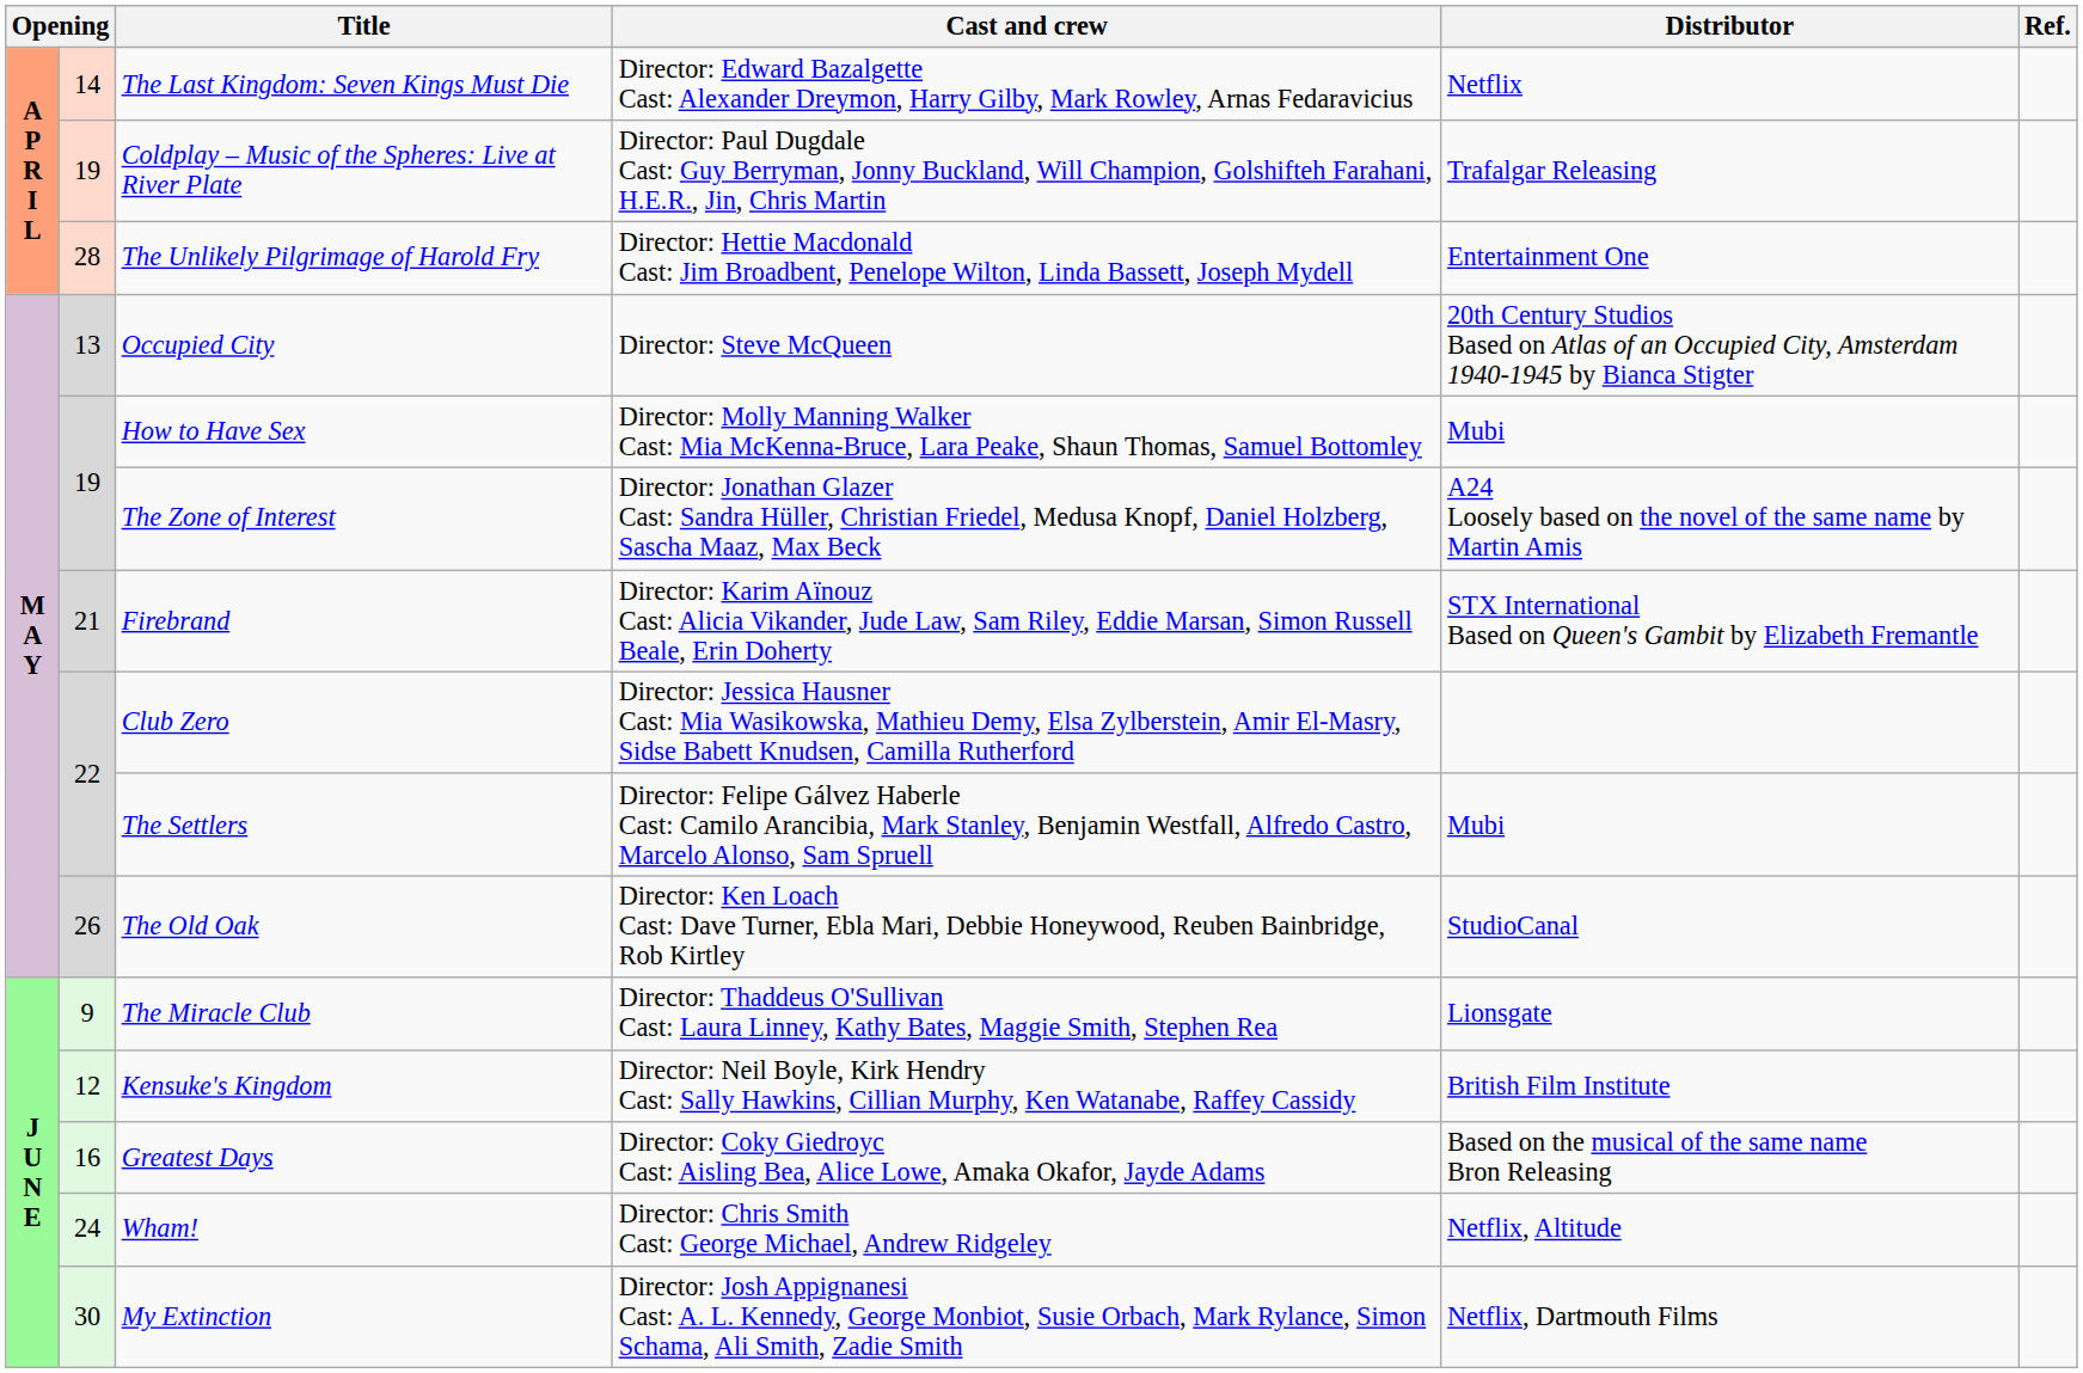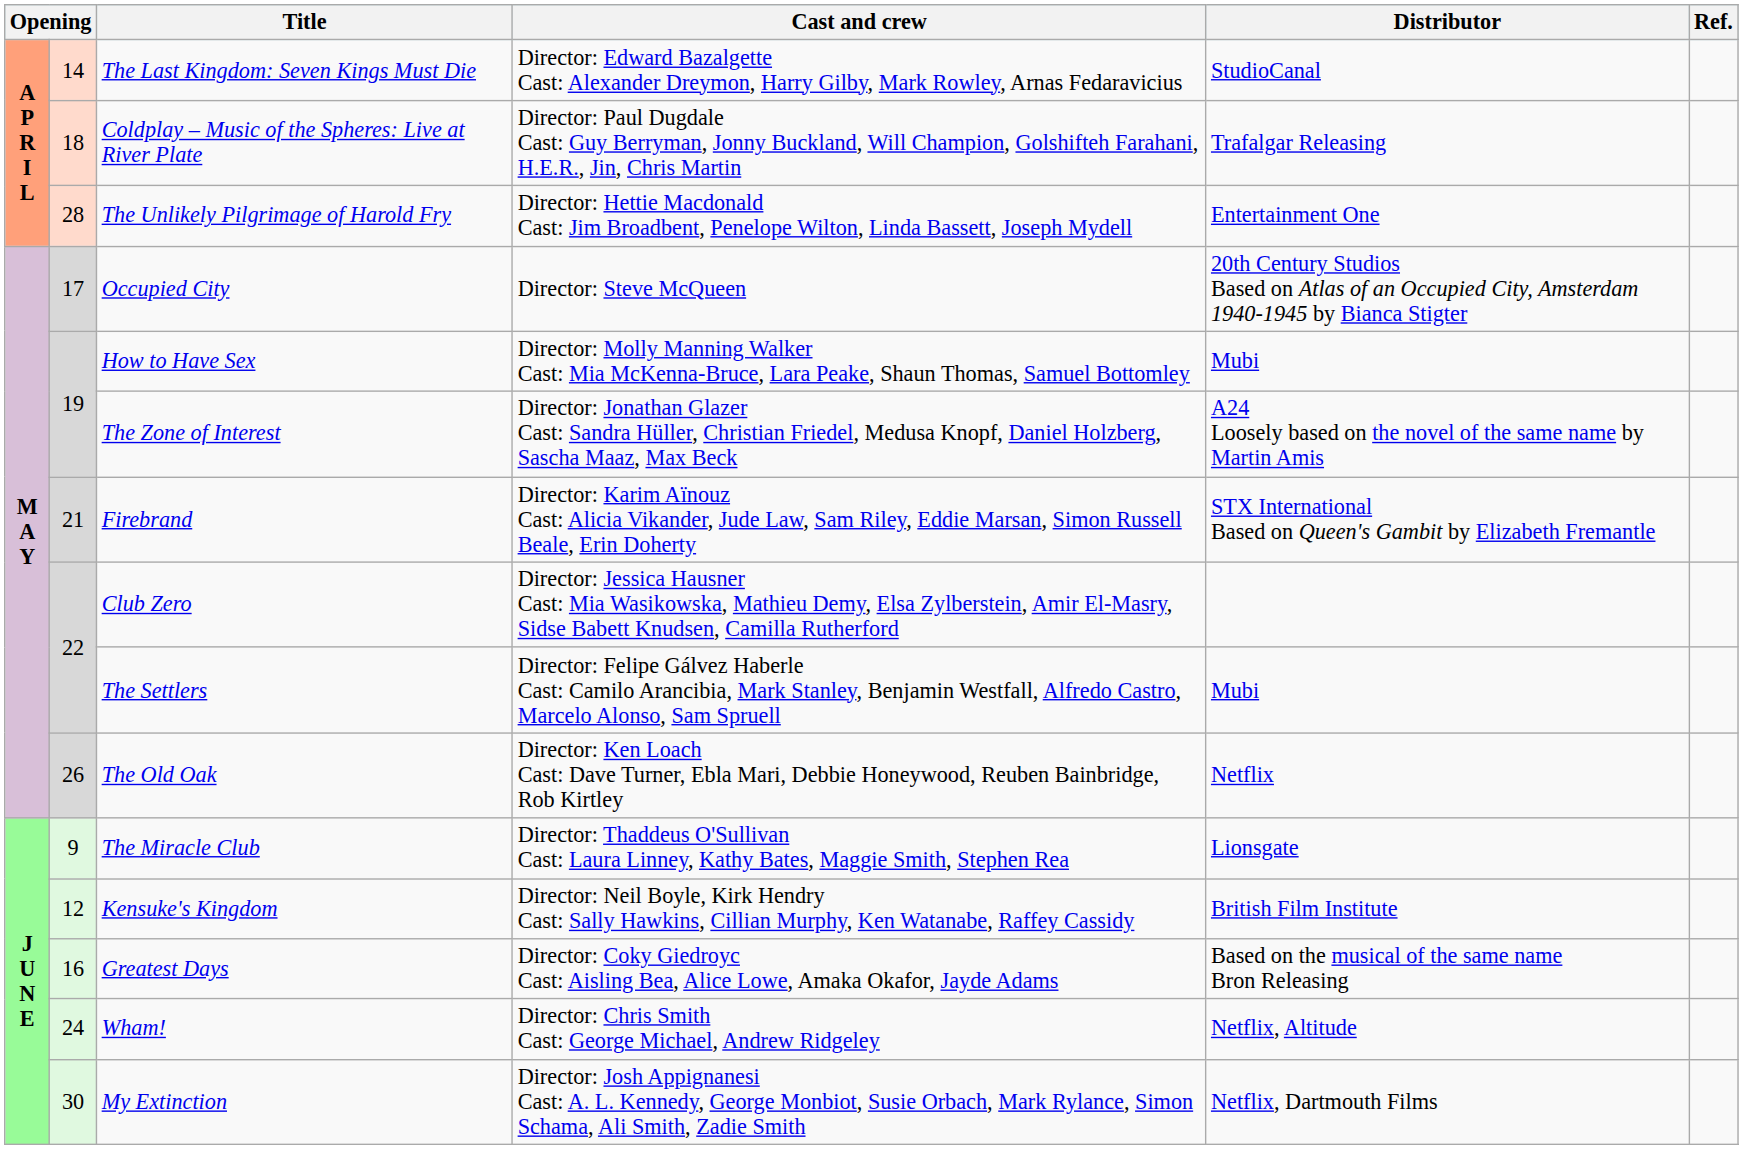 <table class="wikitable">
 <tr style="background:#b0e0e6; text-align:center;">
 <th colspan="2">Opening</th>
 <th style="width:24%;">Title</th>
 <th style="width:40%;">Cast and crew</th>
 <th>Distributor</th>
 <th style="width:2%;">Ref.</th>
 </tr>
 <tr>
 <th rowspan="3" style="text-align:center; background:#ffa07a; textcolor:#000;">A<br>P<br>R<br>I<br>L</th>
 <td rowspan="1" style="text-align:center; background:#ffdacc;">14</td>
 <td><em><a href='#'>The Last Kingdom: Seven Kings Must Die</a></em></td>
 <td>Director: <a href='#'>Edward Bazalgette</a> <br> Cast: <a href='#'>Alexander Dreymon</a>, <a href='#'>Harry Gilby</a>, <a href='#'>Mark Rowley</a>, Arnas Fedaravicius</td>
-<td><a href='#'>Netflix</a></td>
+<td><a href='#'>StudioCanal</a></td>
 <td></td>
 </tr>
 <tr>
-<td rowspan="1" style="text-align:center; background:#ffdacc;">19</td>
+<td rowspan="1" style="text-align:center; background:#ffdacc;">18</td>
 <td><em><a href='#'>Coldplay – Music of the Spheres: Live at River Plate</a></em></td>
 <td>Director: Paul Dugdale <br> Cast: <a href='#'>Guy Berryman</a>, <a href='#'>Jonny Buckland</a>, <a href='#'>Will Champion</a>, <a href='#'>Golshifteh Farahani</a>, <a href='#'>H.E.R.</a>, <a href='#'>Jin</a>, <a href='#'>Chris Martin</a></td>
 <td><a href='#'>Trafalgar Releasing</a></td>
 <td></td>
 </tr>
 <tr>
 <td rowspan="1" style="text-align:center; background:#ffdacc;">28</td>
 <td><em><a href='#'>The Unlikely Pilgrimage of Harold Fry</a></em></td>
 <td>Director: <a href='#'>Hettie Macdonald</a> <br> Cast: <a href='#'>Jim Broadbent</a>, <a href='#'>Penelope Wilton</a>, <a href='#'>Linda Bassett</a>, <a href='#'>Joseph Mydell</a></td>
 <td><a href='#'>Entertainment One</a></td>
 <td></td>
 </tr>
 <tr>
 <th rowspan="7" style="text-align:center; background:thistle; textcolor:#000;">M<br>A<br>Y</th>
-<td rowspan="1" style="text-align:center; background:#d8d8d8;">13</td>
+<td rowspan="1" style="text-align:center; background:#d8d8d8;">17</td>
 <td><em><a href='#'>Occupied City</a></em></td>
 <td>Director: <a href='#'>Steve McQueen</a></td>
 <td><a href='#'>20th Century Studios</a> <br> Based on <em>Atlas of an Occupied City, Amsterdam 1940-1945</em> by <a href='#'>Bianca Stigter</a></td>
 <td></td>
 </tr>
 <tr>
 <td rowspan="2" style="text-align:center; background:#d8d8d8;">19</td>
 <td><em><a href='#'>How to Have Sex</a></em></td>
 <td>Director: <a href='#'>Molly Manning Walker</a> <br> Cast: <a href='#'>Mia McKenna-Bruce</a>, <a href='#'>Lara Peake</a>, Shaun Thomas, <a href='#'>Samuel Bottomley</a></td>
 <td><a href='#'>Mubi</a></td>
 <td></td>
 </tr>
 <tr>
 <td><em><a href='#'>The Zone of Interest</a></em></td>
 <td>Director: <a href='#'>Jonathan Glazer</a> <br> Cast: <a href='#'>Sandra Hüller</a>, <a href='#'>Christian Friedel</a>, Medusa Knopf, <a href='#'>Daniel Holzberg</a>, <a href='#'>Sascha Maaz</a>, <a href='#'>Max Beck</a></td>
 <td><a href='#'>A24</a> <br> Loosely based on <a href='#'>the novel of the same name</a> by <a href='#'>Martin Amis</a></td>
 <td></td>
 </tr>
 <tr>
 <td rowspan="1" style="text-align:center; background:#d8d8d8;">21</td>
 <td><em><a href='#'>Firebrand</a></em></td>
 <td>Director: <a href='#'>Karim Aïnouz</a> <br> Cast: <a href='#'>Alicia Vikander</a>, <a href='#'>Jude Law</a>, <a href='#'>Sam Riley</a>, <a href='#'>Eddie Marsan</a>, <a href='#'>Simon Russell Beale</a>, <a href='#'>Erin Doherty</a></td>
 <td><a href='#'>STX International</a> <br> Based on <em>Queen's Gambit</em> by <a href='#'>Elizabeth Fremantle</a></td>
 <td></td>
 </tr>
 <tr>
 <td rowspan="2" style="text-align:center; background:#d8d8d8;">22</td>
 <td><em><a href='#'>Club Zero</a></em></td>
 <td>Director: <a href='#'>Jessica Hausner</a> <br> Cast: <a href='#'>Mia Wasikowska</a>, <a href='#'>Mathieu Demy</a>, <a href='#'>Elsa Zylberstein</a>, <a href='#'>Amir El-Masry</a>, <a href='#'>Sidse Babett Knudsen</a>, <a href='#'>Camilla Rutherford</a></td>
 <td></td>
 <td></td>
 </tr>
 <tr>
 <td><em><a href='#'>The Settlers</a></em></td>
 <td>Director: Felipe Gálvez Haberle <br> Cast: Camilo Arancibia, <a href='#'>Mark Stanley</a>, Benjamin Westfall, <a href='#'>Alfredo Castro</a>, <a href='#'>Marcelo Alonso</a>, <a href='#'>Sam Spruell</a></td>
 <td><a href='#'>Mubi</a></td>
 <td></td>
 </tr>
 <tr>
 <td rowspan="1" style="text-align:center; background:#d8d8d8;">26</td>
 <td><em><a href='#'>The Old Oak</a></em></td>
 <td>Director: <a href='#'>Ken Loach</a> <br> Cast: Dave Turner, Ebla Mari, Debbie Honeywood, Reuben Bainbridge, Rob Kirtley</td>
-<td><a href='#'>StudioCanal</a></td>
+<td><a href='#'>Netflix</a></td>
 <td></td>
 </tr>
 <tr>
 <th rowspan="5" style="text-align:center; background:#98fb98; textcolor:#000;">J<br>U<br>N<br>E<br></th>
 <td rowspan="1" style="text-align:center; background:#e0f9e0;">9</td>
 <td><em><a href='#'>The Miracle Club</a></em></td>
 <td>Director: <a href='#'>Thaddeus O'Sullivan</a> <br> Cast: <a href='#'>Laura Linney</a>, <a href='#'>Kathy Bates</a>, <a href='#'>Maggie Smith</a>, <a href='#'>Stephen Rea</a></td>
 <td><a href='#'>Lionsgate</a></td>
 <td></td>
 </tr>
 <tr>
 <td rowspan="1" style="text-align:center; background:#e0f9e0;">12</td>
 <td><em><a href='#'>Kensuke's Kingdom</a></em></td>
 <td>Director: Neil Boyle, Kirk Hendry <br> Cast: <a href='#'>Sally Hawkins</a>, <a href='#'>Cillian Murphy</a>, <a href='#'>Ken Watanabe</a>, <a href='#'>Raffey Cassidy</a></td>
 <td><a href='#'>British Film Institute</a></td>
 <td style="text-align:center"></td>
 </tr>
 <tr>
 <td rowspan="1" style="text-align:center; background:#e0f9e0;">16</td>
 <td><em><a href='#'>Greatest Days</a></em></td>
 <td>Director: <a href='#'>Coky Giedroyc</a> <br> Cast: <a href='#'>Aisling Bea</a>, <a href='#'>Alice Lowe</a>, Amaka Okafor, <a href='#'>Jayde Adams</a></td>
 <td>Based on the <a href='#'>musical of the same name</a> <br> Bron Releasing</td>
 <td></td>
 </tr>
 <tr>
 <td rowspan="1" style="text-align:center; background:#e0f9e0;">24</td>
 <td><em><a href='#'>Wham!</a></em></td>
 <td>Director: <a href='#'>Chris Smith</a> <br> Cast: <a href='#'>George Michael</a>, <a href='#'>Andrew Ridgeley</a></td>
 <td><a href='#'>Netflix</a>, <a href='#'>Altitude</a></td>
 <td style="text-align:center"></td>
 </tr>
 <tr>
 <td rowspan="1" style="text-align:center; background:#e0f9e0;">30</td>
 <td><em><a href='#'>My Extinction</a></em></td>
 <td>Director: <a href='#'>Josh Appignanesi</a> <br> Cast: <a href='#'>A. L. Kennedy</a>, <a href='#'>George Monbiot</a>, <a href='#'>Susie Orbach</a>, <a href='#'>Mark Rylance</a>, <a href='#'>Simon Schama</a>, <a href='#'>Ali Smith</a>, <a href='#'>Zadie Smith</a></td>
 <td><a href='#'>Netflix</a>, Dartmouth Films</td>
 <td style="text-align:center"></td>
 </tr>
 <tr>
 </tr>
 </table>
